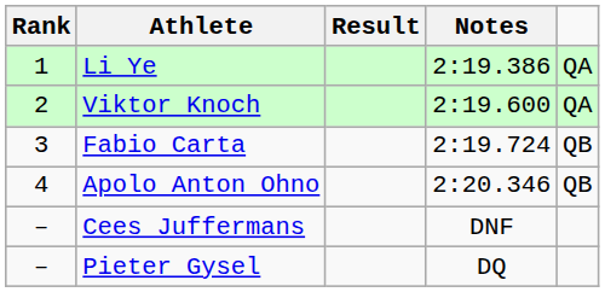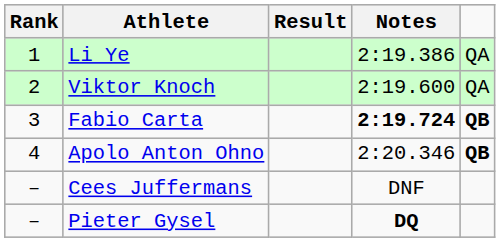 <table class="wikitable" style="text-align:center">
 <tr>
 <th>Rank</th>
 <th>Athlete</th>
 <th>Result</th>
 <th>Notes</th>
 </tr>
 <tr bgcolor=ccffcc>
 <td>1</td>
 <td align=left><a href='#'>Li Ye</a></td>
 <td></td>
 <td>2:19.386</td>
 <td>QA</td>
 </tr>
 <tr bgcolor=ccffcc>
 <td>2</td>
 <td align=left><a href='#'>Viktor Knoch</a></td>
 <td></td>
 <td>2:19.600</td>
 <td>QA</td>
 </tr>
 <tr>
 <td>3</td>
 <td align=left><a href='#'>Fabio Carta</a></td>
 <td></td>
-<td>2:19.724</td>
-<td>QB</td>
+<td><strong>2:19.724</strong></td>
+<td><strong>QB</strong></td>
 </tr>
 <tr>
 <td>4</td>
 <td align=left><a href='#'>Apolo Anton Ohno</a></td>
 <td></td>
 <td>2:20.346</td>
-<td>QB</td>
+<td><strong>QB</strong></td>
 </tr>
 <tr>
 <td>–</td>
 <td align=left><a href='#'>Cees Juffermans</a></td>
 <td></td>
 <td>DNF</td>
 <td></td>
 </tr>
 <tr>
 <td>–</td>
 <td align=left><a href='#'>Pieter Gysel</a></td>
 <td></td>
-<td>DQ</td>
+<td><strong>DQ</strong></td>
 <td></td>
 </tr>
 </table>
